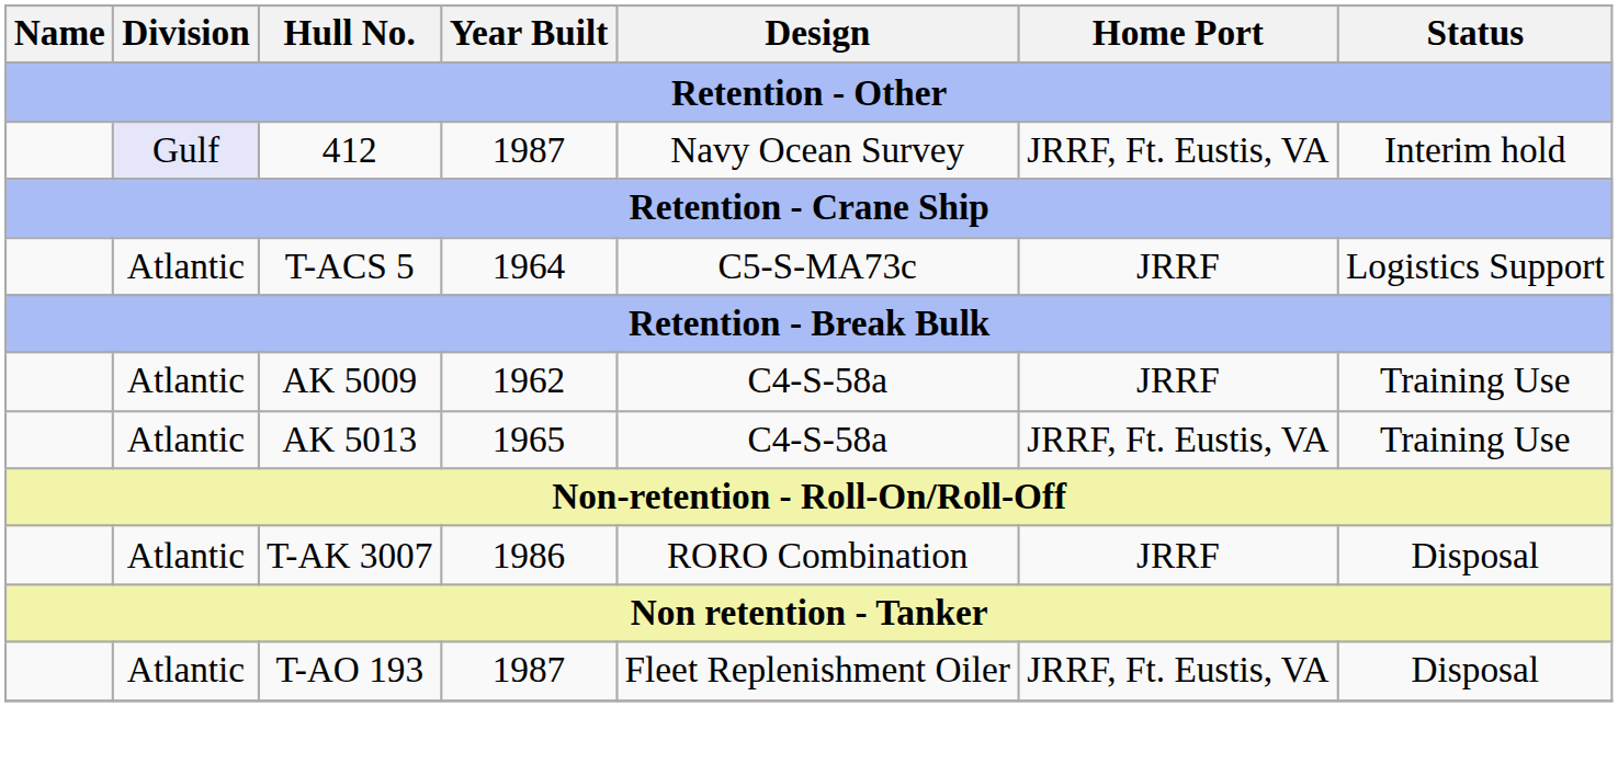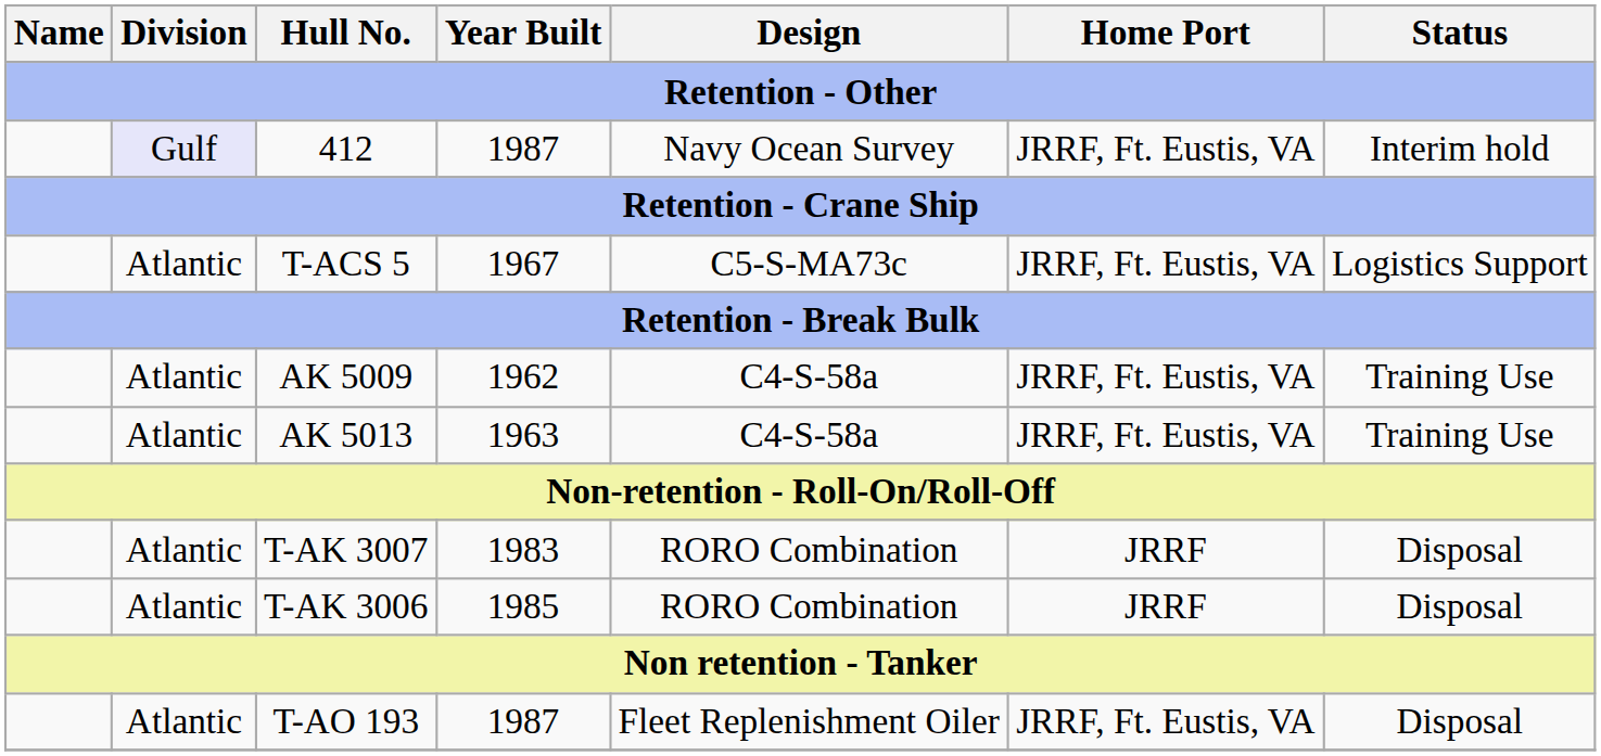 <table class="wikitable" style="text-align: center;">
 <tr>
 <th>Name</th>
 <th>Division</th>
 <th>Hull No.</th>
 <th>Year Built</th>
 <th>Design</th>
 <th>Home Port</th>
 <th>Status</th>
 </tr>
 <tr>
 <th style="align: center; background: #A9BCF5;" colspan="7">Retention - Other</th>
 </tr>
 <tr>
 <td></td>
 <td style="background: lavender;">Gulf</td>
 <td>412</td>
 <td>1987</td>
 <td>Navy Ocean Survey</td>
 <td>JRRF, Ft. Eustis, VA</td>
 <td>Interim hold</td>
 </tr>
 <tr>
 <th style="align: center; background: #A9BCF5;" colspan="7">Retention - Crane Ship</th>
 </tr>
 <tr>
 <td></td>
 <td>Atlantic</td>
 <td>T-ACS 5</td>
-<td>1964</td>
+<td>1967</td>
 <td>C5-S-MA73c</td>
-<td>JRRF</td>
+<td>JRRF, Ft. Eustis, VA</td>
 <td>Logistics Support</td>
 </tr>
 <tr>
 <th style="align: center; background: #A9BCF5;" colspan="7">Retention - Break Bulk</th>
 </tr>
 <tr>
 <td></td>
 <td>Atlantic</td>
 <td>AK 5009</td>
 <td>1962</td>
 <td>C4-S-58a</td>
-<td>JRRF</td>
+<td>JRRF, Ft. Eustis, VA</td>
 <td>Training Use</td>
 </tr>
 <tr>
 <td></td>
 <td>Atlantic</td>
 <td>AK 5013</td>
-<td>1965</td>
+<td>1963</td>
 <td>C4-S-58a</td>
 <td>JRRF, Ft. Eustis, VA</td>
 <td>Training Use</td>
 </tr>
 <tr>
 <th style="align: center; background: #F2F5A9;" colspan="7">Non-retention - Roll-On/Roll-Off</th>
 </tr>
 <tr>
 <td></td>
 <td>Atlantic</td>
 <td>T-AK 3007</td>
-<td>1986</td>
+<td>1983</td>
+<td>RORO Combination</td>
+<td>JRRF</td>
+<td>Disposal</td>
+</tr>
+<tr>
+<td></td>
+<td>Atlantic</td>
+<td>T-AK 3006</td>
+<td>1985</td>
 <td>RORO Combination</td>
 <td>JRRF</td>
 <td>Disposal</td>
 </tr>
 <tr>
 <th style="align: center; background: #F2F5A9;" colspan="7">Non retention - Tanker</th>
 </tr>
 <tr>
 <td></td>
 <td>Atlantic</td>
 <td>T-AO 193</td>
 <td>1987</td>
 <td>Fleet Replenishment Oiler</td>
 <td>JRRF, Ft. Eustis, VA</td>
 <td>Disposal</td>
 </tr>
 <tr>
 </tr>
 </table>
